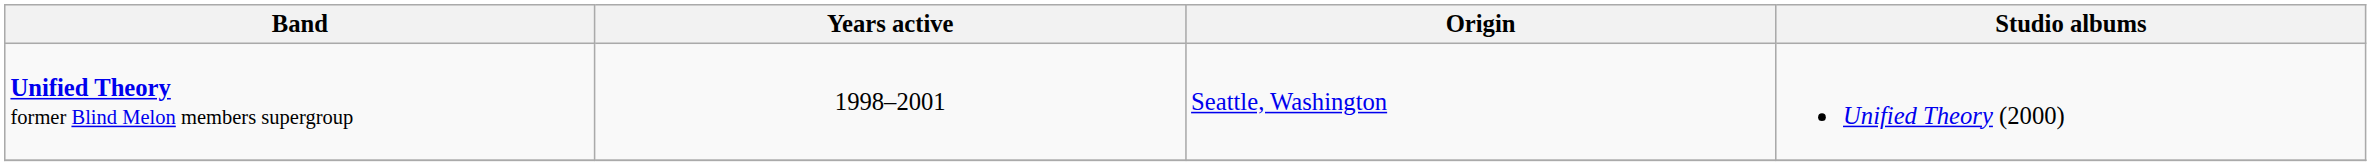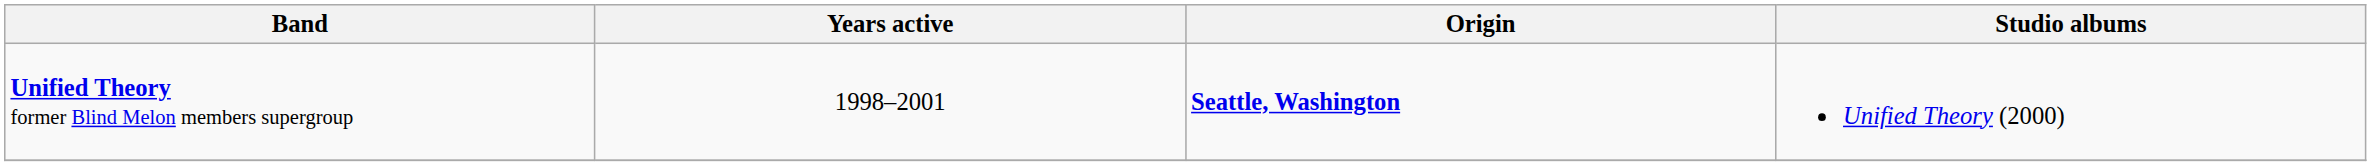 <table class="wikitable sortable">
 <tr>
 <th style="width:15%;">Band</th>
 <th style="width:15%;">Years active</th>
 <th style="width:15%;">Origin</th>
 <th style="width:15%;">Studio albums</th>
 </tr>
 <tr>
 <td><strong><a href='#'>Unified Theory</a></strong><br> <small>former <a href='#'>Blind Melon</a> members supergroup</small></td>
 <td style="text-align:center;">1998–2001</td>
-<td><a href='#'>Seattle, Washington</a></td>
+<td><strong><a href='#'>Seattle, Washington</a></strong></td>
 <td><br><ul><li><em><a href='#'>Unified Theory</a></em> (2000)</li></ul></td>
 </tr>
 <tr>
 </tr>
 </table>
